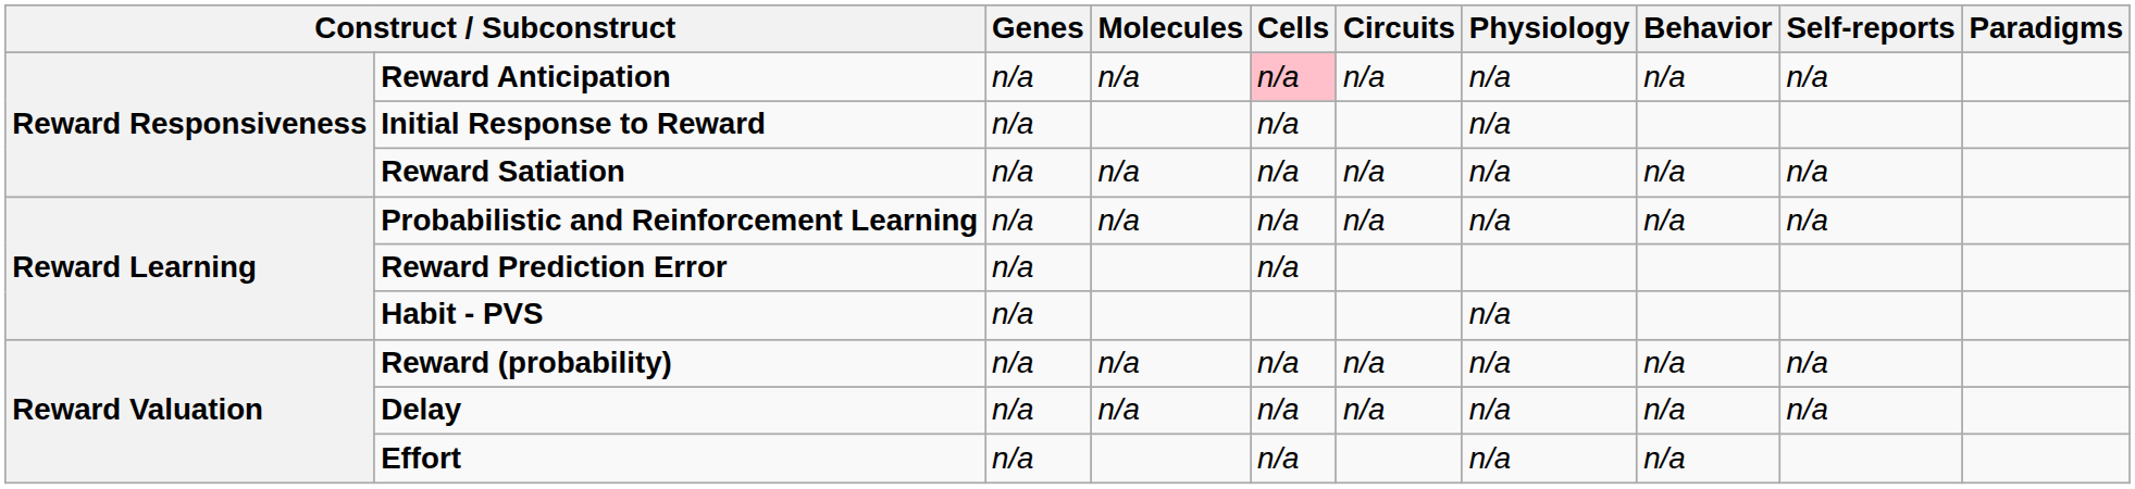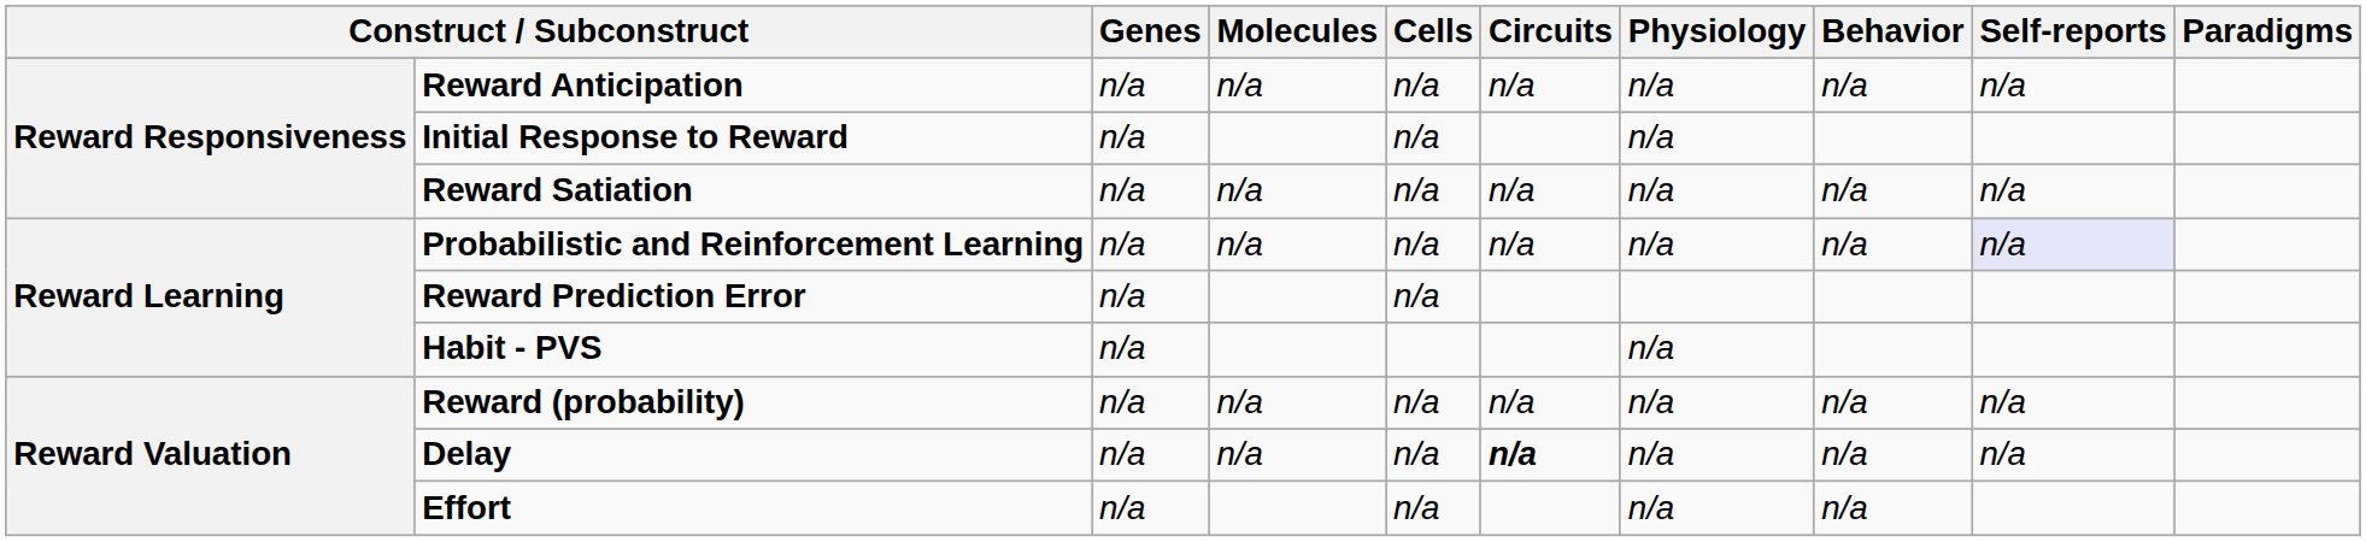 <table class="wikitable">
 <tr>
 <th colspan="2">Construct / Subconstruct</th>
 <th>Genes</th>
 <th>Molecules</th>
 <th>Cells</th>
 <th>Circuits</th>
 <th>Physiology</th>
 <th>Behavior</th>
 <th>Self-reports</th>
 <th>Paradigms</th>
 </tr>
 <tr>
 <th rowspan="3" style="text-align: left;">Reward Responsiveness</th>
 <td><strong>Reward Anticipation</strong></td>
 <td><em>n/a</em></td>
 <td><em>n/a</em></td>
-<td style="background: pink;"><em>n/a</em></td>
+<td><em>n/a</em></td>
 <td><em>n/a</em></td>
 <td><em>n/a</em></td>
 <td><em>n/a</em></td>
 <td><em>n/a</em></td>
 <td></td>
 </tr>
 <tr>
 <td><strong>Initial Response to Reward</strong></td>
 <td><em>n/a</em></td>
 <td></td>
 <td><em>n/a</em></td>
 <td></td>
 <td><em>n/a</em></td>
 <td></td>
 <td></td>
 <td></td>
 </tr>
 <tr>
 <td><strong>Reward Satiation</strong></td>
 <td><em>n/a</em></td>
 <td><em>n/a</em></td>
 <td><em>n/a</em></td>
 <td><em>n/a</em></td>
 <td><em>n/a</em></td>
 <td><em>n/a</em></td>
 <td><em>n/a</em></td>
 <td></td>
 </tr>
 <tr>
 <th rowspan="3" style="text-align: left;">Reward Learning</th>
 <td><strong>Probabilistic and Reinforcement Learning</strong></td>
 <td><em>n/a</em></td>
 <td><em>n/a</em></td>
 <td><em>n/a</em></td>
 <td><em>n/a</em></td>
 <td><em>n/a</em></td>
 <td><em>n/a</em></td>
-<td><em>n/a</em></td>
+<td style="background: lavender;"><em>n/a</em></td>
 <td></td>
 </tr>
 <tr>
 <td><strong>Reward Prediction Error</strong></td>
 <td><em>n/a</em></td>
 <td></td>
 <td><em>n/a</em></td>
 <td></td>
 <td></td>
 <td></td>
 <td></td>
 <td></td>
 </tr>
 <tr>
 <td><strong>Habit - PVS</strong></td>
 <td><em>n/a</em></td>
 <td></td>
 <td></td>
 <td></td>
 <td><em>n/a</em></td>
 <td></td>
 <td></td>
 <td></td>
 </tr>
 <tr>
 <th rowspan="3" style="text-align: left;">Reward Valuation</th>
 <td><strong>Reward (probability)</strong></td>
 <td><em>n/a</em></td>
 <td><em>n/a</em></td>
 <td><em>n/a</em></td>
 <td><em>n/a</em></td>
 <td><em>n/a</em></td>
 <td><em>n/a</em></td>
 <td><em>n/a</em></td>
 <td></td>
 </tr>
 <tr>
 <td><strong>Delay</strong></td>
 <td><em>n/a</em></td>
 <td><em>n/a</em></td>
 <td><em>n/a</em></td>
-<td><em>n/a</em></td>
+<td><strong><em>n/a</em></strong></td>
 <td><em>n/a</em></td>
 <td><em>n/a</em></td>
 <td><em>n/a</em></td>
 <td></td>
 </tr>
 <tr>
 <td><strong>Effort</strong></td>
 <td><em>n/a</em></td>
 <td></td>
 <td><em>n/a</em></td>
 <td></td>
 <td><em>n/a</em></td>
 <td><em>n/a</em></td>
 <td></td>
 <td></td>
 </tr>
 </table>
